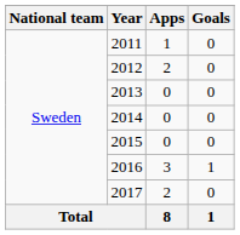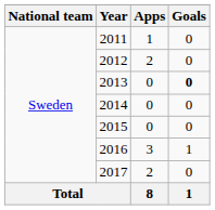 <table class="wikitable" style="text-align:center;">
 <tr>
 </tr>
 <tr>
 <th>National team</th>
 <th>Year</th>
 <th>Apps</th>
 <th>Goals</th>
 </tr>
 <tr>
 <td rowspan="7"><a href='#'>Sweden</a></td>
 <td>2011</td>
 <td>1</td>
 <td>0</td>
 </tr>
 <tr>
 <td>2012</td>
 <td>2</td>
 <td>0</td>
 </tr>
 <tr>
 <td>2013</td>
 <td>0</td>
-<td>0</td>
+<td><strong>0</strong></td>
 </tr>
 <tr>
 <td>2014</td>
 <td>0</td>
 <td>0</td>
 </tr>
 <tr>
 <td>2015</td>
 <td>0</td>
 <td>0</td>
 </tr>
 <tr>
 <td>2016</td>
 <td>3</td>
 <td>1</td>
 </tr>
 <tr>
 <td>2017</td>
 <td>2</td>
 <td>0</td>
 </tr>
 <tr>
 <th colspan="2">Total</th>
 <th>8</th>
 <th>1</th>
 </tr>
 </table>
